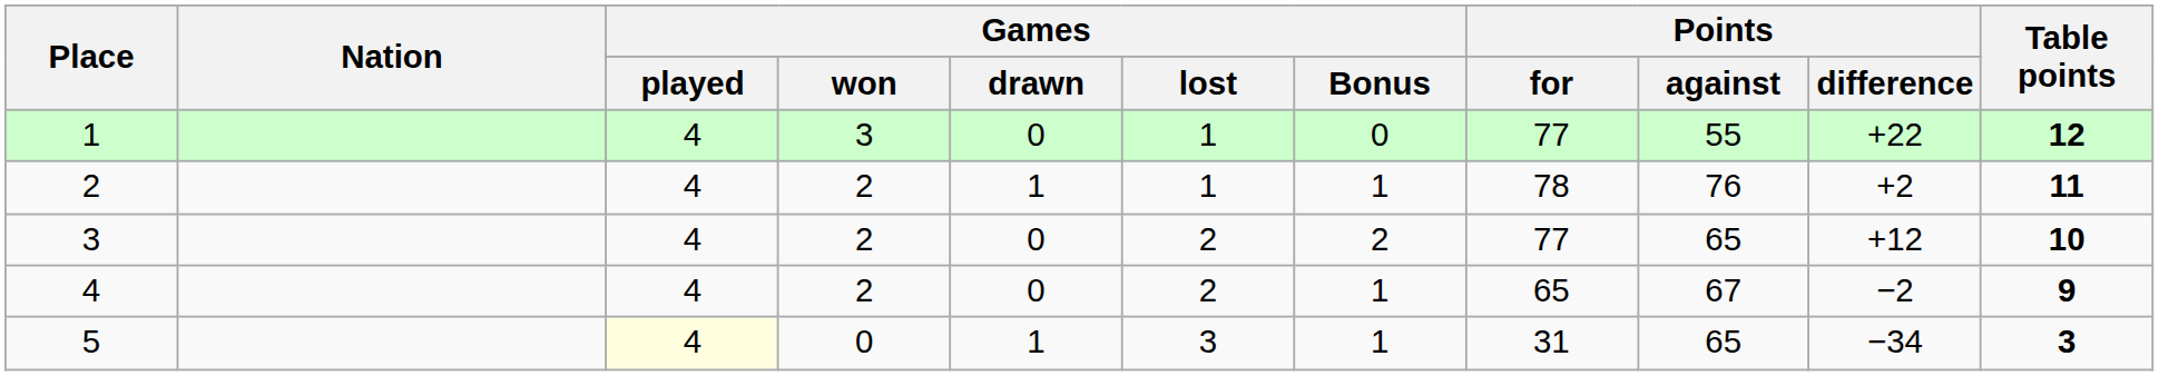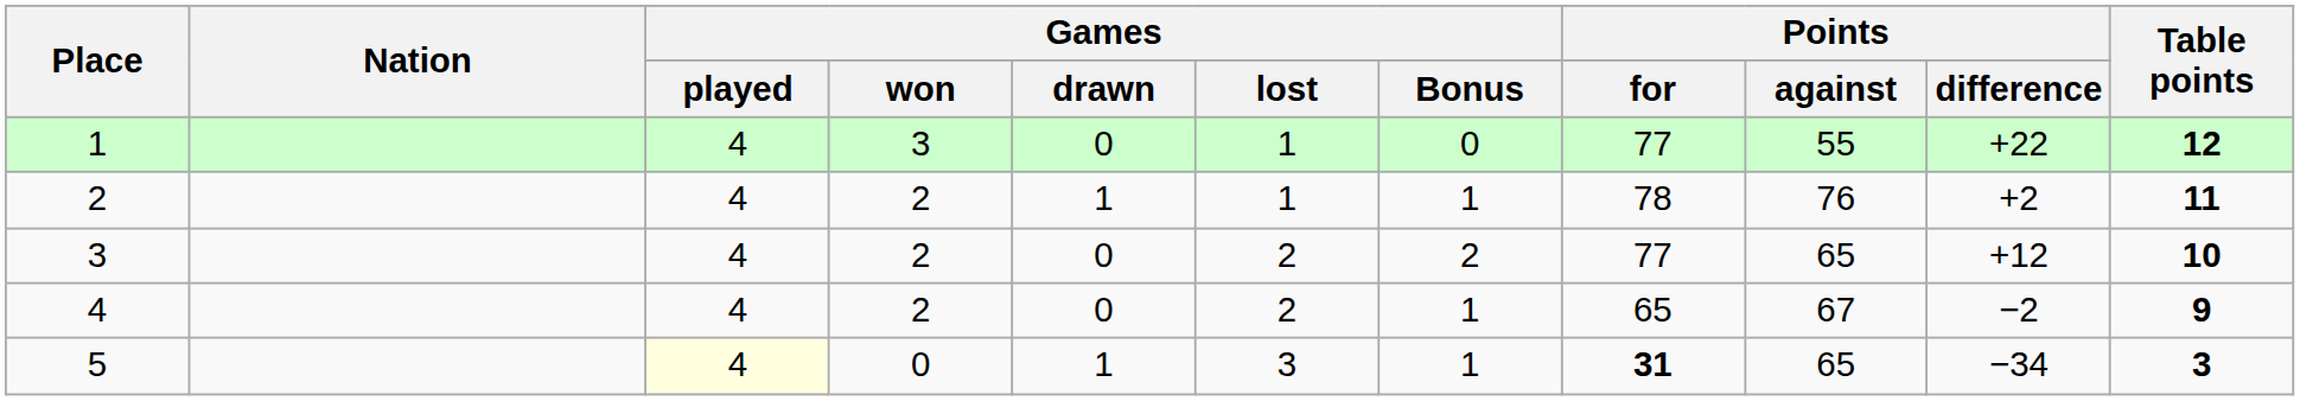 <table class="wikitable">
 <tr>
 <th rowspan=2 width="8%">Place</th>
 <th rowspan=2 width="20%">Nation</th>
 <th colspan=5 width="40%">Games</th>
 <th colspan=3 width="24%">Points</th>
 <th rowspan=2 width="10%">Table<br>points</th>
 </tr>
 <tr>
 <th width="8%">played</th>
 <th width="8%">won</th>
 <th width="8%">drawn</th>
 <th width="8%">lost</th>
 <th width="8%">Bonus</th>
 <th width="8%">for</th>
 <th width="8%">against</th>
 <th width="8%">difference</th>
 </tr>
 <tr align=center bgcolor="#ccffcc">
 <td>1</td>
 <td align=left></td>
 <td>4</td>
 <td>3</td>
 <td>0</td>
 <td>1</td>
 <td>0</td>
 <td>77</td>
 <td>55</td>
 <td>+22</td>
 <td><strong>12</strong></td>
 </tr>
 <tr align=center>
 <td>2</td>
 <td align=left></td>
 <td>4</td>
 <td>2</td>
 <td>1</td>
 <td>1</td>
 <td>1</td>
 <td>78</td>
 <td>76</td>
 <td>+2</td>
 <td><strong>11</strong></td>
 </tr>
 <tr align=center>
 <td>3</td>
 <td align=left></td>
 <td>4</td>
 <td>2</td>
 <td>0</td>
 <td>2</td>
 <td>2</td>
 <td>77</td>
 <td>65</td>
 <td>+12</td>
 <td><strong>10</strong></td>
 </tr>
 <tr align=center>
 <td>4</td>
 <td align=left></td>
 <td>4</td>
 <td>2</td>
 <td>0</td>
 <td>2</td>
 <td>1</td>
 <td>65</td>
 <td>67</td>
 <td>−2</td>
 <td><strong>9</strong></td>
 </tr>
 <tr align=center>
 <td>5</td>
 <td align=left></td>
 <td style="background: lightyellow;">4</td>
 <td>0</td>
 <td>1</td>
 <td>3</td>
 <td>1</td>
-<td>31</td>
+<td><strong>31</strong></td>
 <td>65</td>
 <td>−34</td>
 <td><strong>3</strong></td>
 </tr>
 </table>
